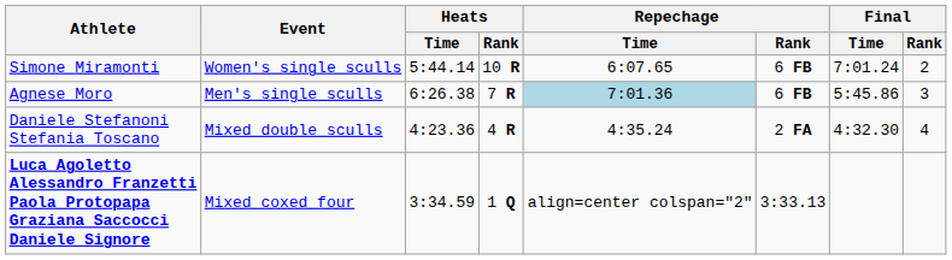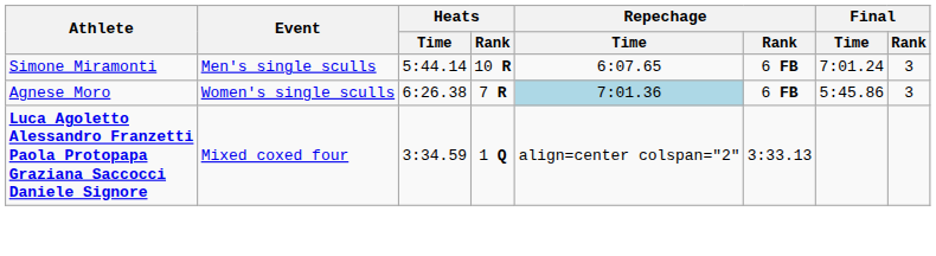 <table class="wikitable" style="font-size:90%;">
 <tr>
 <th rowspan="2">Athlete</th>
 <th rowspan="2">Event</th>
 <th colspan="2">Heats</th>
 <th colspan="2">Repechage</th>
 <th colspan="2">Final</th>
 </tr>
 <tr style="font-size:95%">
 <th>Time</th>
 <th>Rank</th>
 <th>Time</th>
 <th>Rank</th>
 <th>Time</th>
 <th>Rank</th>
 </tr>
 <tr>
 <td align=left><a href='#'>Simone Miramonti</a></td>
-<td align=left><a href='#'>Women's single sculls</a></td>
+<td align=left><a href='#'>Men's single sculls</a></td>
 <td align=center>5:44.14</td>
 <td align=center>10 <strong>R</strong></td>
 <td align=center>6:07.65</td>
 <td align=center>6 <strong>FB</strong></td>
 <td align=center>7:01.24</td>
-<td align=center>2</td>
+<td align=center>3</td>
 </tr>
 <tr>
 <td align=left><a href='#'>Agnese Moro</a></td>
-<td align=left><a href='#'>Men's single sculls</a></td>
+<td align=left><a href='#'>Women's single sculls</a></td>
 <td align=center>6:26.38</td>
 <td align=center>7 <strong>R</strong></td>
 <td align=center style="background: lightblue;">7:01.36</td>
 <td align=center>6 <strong>FB</strong></td>
 <td align=center>5:45.86</td>
 <td align=center>3</td>
-</tr>
-<tr>
-<td align=left><a href='#'>Daniele Stefanoni</a><br> <a href='#'>Stefania Toscano</a></td>
-<td align=left><a href='#'>Mixed double sculls</a></td>
-<td align=center>4:23.36</td>
-<td align=center>4 <strong>R</strong></td>
-<td align=center>4:35.24</td>
-<td align=center>2 <strong>FA</strong></td>
-<td align=center>4:32.30</td>
-<td align=center>4</td>
 </tr>
 <tr>
 <td align=left><strong><a href='#'>Luca Agoletto</a></strong><br> <strong><a href='#'>Alessandro Franzetti</a></strong><br> <strong><a href='#'>Paola Protopapa</a></strong><br> <strong><a href='#'>Graziana Saccocci</a></strong><br> <strong><a href='#'>Daniele Signore</a></strong></td>
 <td align=left><a href='#'>Mixed coxed four</a></td>
 <td align=center>3:34.59</td>
 <td align=center>1 <strong>Q</strong></td>
 <td>align=center colspan="2" </td>
 <td align=center>3:33.13</td>
 <td align=center></td>
 </tr>
 </table>
